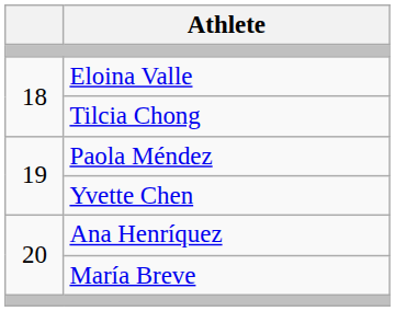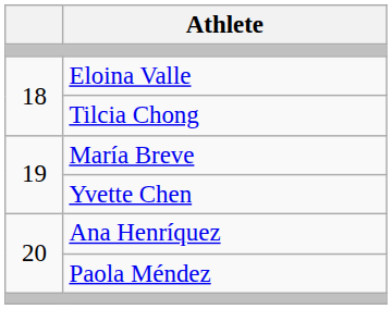 <table class="wikitable">
 <tr>
 <th width="30"></th>
 <th width="200">Athlete</th>
 </tr>
 <tr bgcolor="C0C0C0">
 <td colspan=2></td>
 </tr>
 <tr>
 <td align="center" rowspan=2>18</td>
 <td> <a href='#'>Eloina Valle</a></td>
 </tr>
 <tr>
 <td> <a href='#'>Tilcia Chong</a></td>
 </tr>
 <tr>
 <td align="center" rowspan=2>19</td>
-<td> <a href='#'>Paola Méndez</a></td>
+<td> <a href='#'>María Breve</a></td>
 </tr>
 <tr>
 <td> <a href='#'>Yvette Chen</a></td>
 </tr>
 <tr>
 <td align="center" rowspan=2>20</td>
 <td> <a href='#'>Ana Henríquez</a></td>
 </tr>
 <tr>
-<td> <a href='#'>María Breve</a></td>
+<td> <a href='#'>Paola Méndez</a></td>
 </tr>
 <tr bgcolor="C0C0C0">
 <td colspan=2></td>
 </tr>
 </table>
